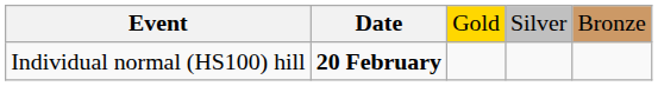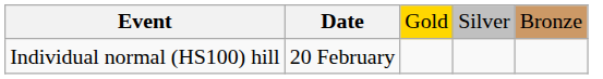 <table class="wikitable">
 <tr>
 <th>Event</th>
 <th>Date</th>
 <td style="background:gold;">Gold</td>
 <td style="background:silver;">Silver</td>
 <td style="background:#c96;">Bronze</td>
 </tr>
 <tr>
 <td>Individual normal (HS100) hill<br></td>
-<td><strong>20 February</strong></td>
+<td>20 February</td>
 <td></td>
 <td></td>
 <td></td>
 </tr>
 </table>
